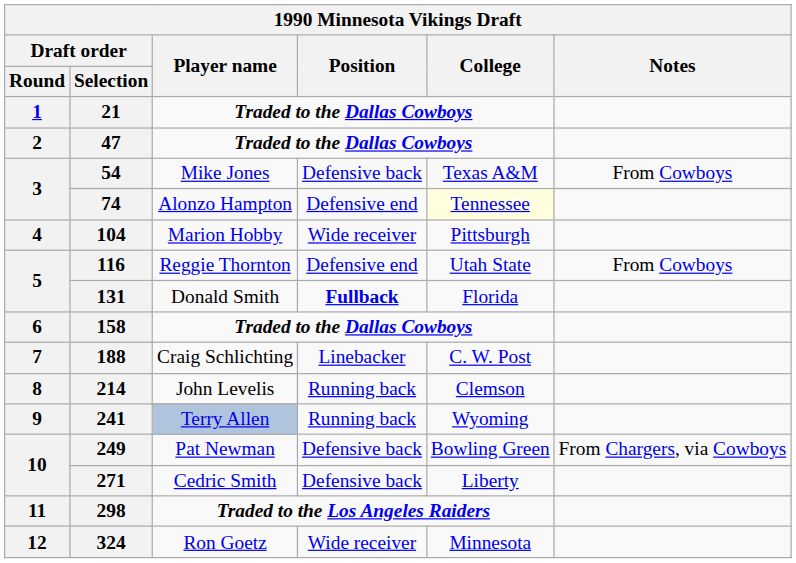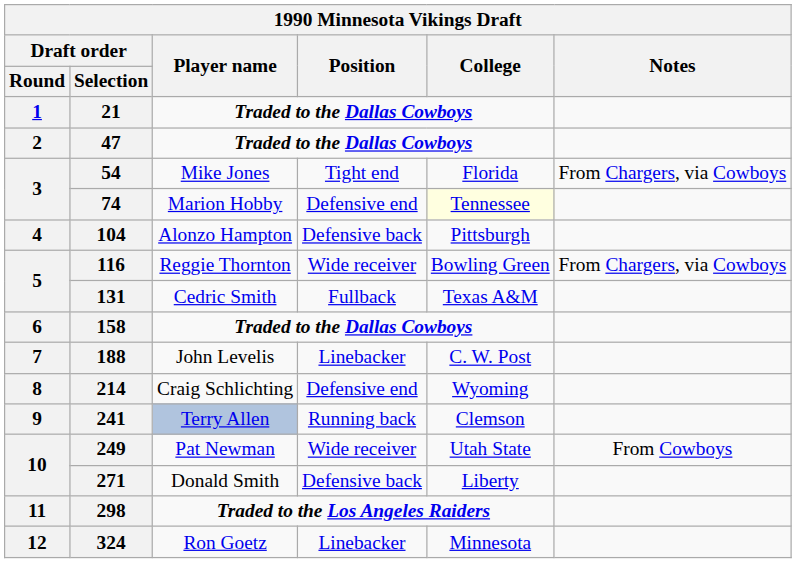 <table class="wikitable" style="text-align:center">
 <tr>
 <th colspan="6">1990 Minnesota Vikings Draft</th>
 </tr>
 <tr>
 <th colspan="2">Draft order</th>
 <th rowspan="2">Player name</th>
 <th rowspan="2">Position</th>
 <th rowspan="2">College</th>
 <th rowspan="2">Notes</th>
 </tr>
 <tr>
 <th>Round</th>
 <th>Selection</th>
 </tr>
 <tr>
 <th><a href='#'>1</a></th>
 <th>21</th>
 <td colspan="3"><strong><em>Traded to the <a href='#'>Dallas Cowboys</a></em></strong></td>
 <td></td>
 </tr>
 <tr>
 <th>2</th>
 <th>47</th>
 <td colspan="3"><strong><em>Traded to the <a href='#'>Dallas Cowboys</a></em></strong></td>
 <td></td>
 </tr>
 <tr>
 <th rowspan="2">3</th>
 <th>54</th>
 <td><a href='#'>Mike Jones</a></td>
-<td><a href='#'>Defensive back</a></td>
-<td><a href='#'>Texas A&M</a></td>
-<td>From <a href='#'>Cowboys</a></td>
+<td><a href='#'>Tight end</a></td>
+<td><a href='#'>Florida</a></td>
+<td>From <a href='#'>Chargers</a>, via <a href='#'>Cowboys</a></td>
 </tr>
 <tr>
 <th>74</th>
-<td><a href='#'>Alonzo Hampton</a></td>
+<td><a href='#'>Marion Hobby</a></td>
 <td><a href='#'>Defensive end</a></td>
 <td style="background: lightyellow;"><a href='#'>Tennessee</a></td>
 <td></td>
 </tr>
 <tr>
 <th>4</th>
 <th>104</th>
-<td><a href='#'>Marion Hobby</a></td>
-<td><a href='#'>Wide receiver</a></td>
+<td><a href='#'>Alonzo Hampton</a></td>
+<td><a href='#'>Defensive back</a></td>
 <td><a href='#'>Pittsburgh</a></td>
 <td></td>
 </tr>
 <tr>
 <th rowspan="2">5</th>
 <th>116</th>
 <td><a href='#'>Reggie Thornton</a></td>
-<td><a href='#'>Defensive end</a></td>
-<td><a href='#'>Utah State</a></td>
-<td>From <a href='#'>Cowboys</a></td>
+<td><a href='#'>Wide receiver</a></td>
+<td><a href='#'>Bowling Green</a></td>
+<td>From <a href='#'>Chargers</a>, via <a href='#'>Cowboys</a></td>
 </tr>
 <tr>
 <th>131</th>
-<td>Donald Smith</td>
-<td><strong><a href='#'>Fullback</a></strong></td>
-<td><a href='#'>Florida</a></td>
+<td><a href='#'>Cedric Smith</a></td>
+<td><a href='#'>Fullback</a></td>
+<td><a href='#'>Texas A&M</a></td>
 <td></td>
 </tr>
 <tr>
 <th>6</th>
 <th>158</th>
 <td colspan="3"><strong><em>Traded to the <a href='#'>Dallas Cowboys</a></em></strong></td>
 <td></td>
 </tr>
 <tr>
 <th>7</th>
 <th>188</th>
-<td>Craig Schlichting</td>
+<td>John Levelis</td>
 <td><a href='#'>Linebacker</a></td>
 <td><a href='#'>C. W. Post</a></td>
 <td></td>
 </tr>
 <tr>
 <th>8</th>
 <th>214</th>
-<td>John Levelis</td>
-<td><a href='#'>Running back</a></td>
-<td><a href='#'>Clemson</a></td>
+<td>Craig Schlichting</td>
+<td><a href='#'>Defensive end</a></td>
+<td><a href='#'>Wyoming</a></td>
 <td></td>
 </tr>
 <tr>
 <th>9</th>
 <th>241</th>
 <td bgcolor=lightsteelblue><a href='#'>Terry Allen</a></td>
 <td><a href='#'>Running back</a></td>
-<td><a href='#'>Wyoming</a></td>
+<td><a href='#'>Clemson</a></td>
 <td></td>
 </tr>
 <tr>
 <th rowspan="2">10</th>
 <th>249</th>
 <td><a href='#'>Pat Newman</a></td>
-<td><a href='#'>Defensive back</a></td>
-<td><a href='#'>Bowling Green</a></td>
-<td>From <a href='#'>Chargers</a>, via <a href='#'>Cowboys</a></td>
+<td><a href='#'>Wide receiver</a></td>
+<td><a href='#'>Utah State</a></td>
+<td>From <a href='#'>Cowboys</a></td>
 </tr>
 <tr>
 <th>271</th>
-<td><a href='#'>Cedric Smith</a></td>
+<td>Donald Smith</td>
 <td><a href='#'>Defensive back</a></td>
 <td><a href='#'>Liberty</a></td>
 <td></td>
 </tr>
 <tr>
 <th>11</th>
 <th>298</th>
 <td colspan="3"><strong><em>Traded to the <a href='#'>Los Angeles Raiders</a></em></strong></td>
 <td></td>
 </tr>
 <tr>
 <th>12</th>
 <th>324</th>
 <td><a href='#'>Ron Goetz</a></td>
-<td><a href='#'>Wide receiver</a></td>
+<td><a href='#'>Linebacker</a></td>
 <td><a href='#'>Minnesota</a></td>
 <td></td>
 </tr>
 </table>
